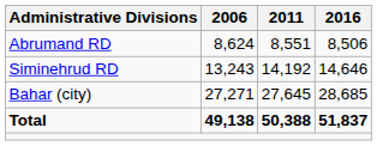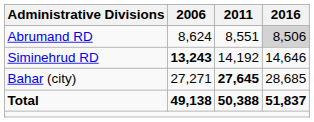 <table class="wikitable">
 <tr>
 <th>Administrative Divisions</th>
 <th>2006</th>
 <th>2011</th>
 <th>2016</th>
 </tr>
 <tr>
 <td><a href='#'>Abrumand RD</a></td>
 <td style="text-align: right;">8,624</td>
 <td style="text-align: right;">8,551</td>
-<td style="text-align: right;">8,506</td>
+<td style="background: lightgrey; text-align: right;">8,506</td>
 </tr>
 <tr>
 <td><a href='#'>Siminehrud RD</a></td>
-<td style="text-align: right;">13,243</td>
+<td style="text-align: right;"><strong>13,243</strong></td>
 <td style="text-align: right;">14,192</td>
 <td style="text-align: right;">14,646</td>
 </tr>
 <tr>
 <td><a href='#'>Bahar</a> (city)</td>
 <td style="text-align: right;">27,271</td>
-<td style="text-align: right;">27,645</td>
+<td style="text-align: right;"><strong>27,645</strong></td>
 <td style="text-align: right;">28,685</td>
 </tr>
 <tr>
 <td><strong>Total</strong></td>
 <td style="text-align: right;"><strong>49,138</strong></td>
 <td style="text-align: right;"><strong>50,388</strong></td>
 <td style="text-align: right;"><strong>51,837</strong></td>
 </tr>
 <tr>
 <td colspan=4></td>
 </tr>
 </table>
